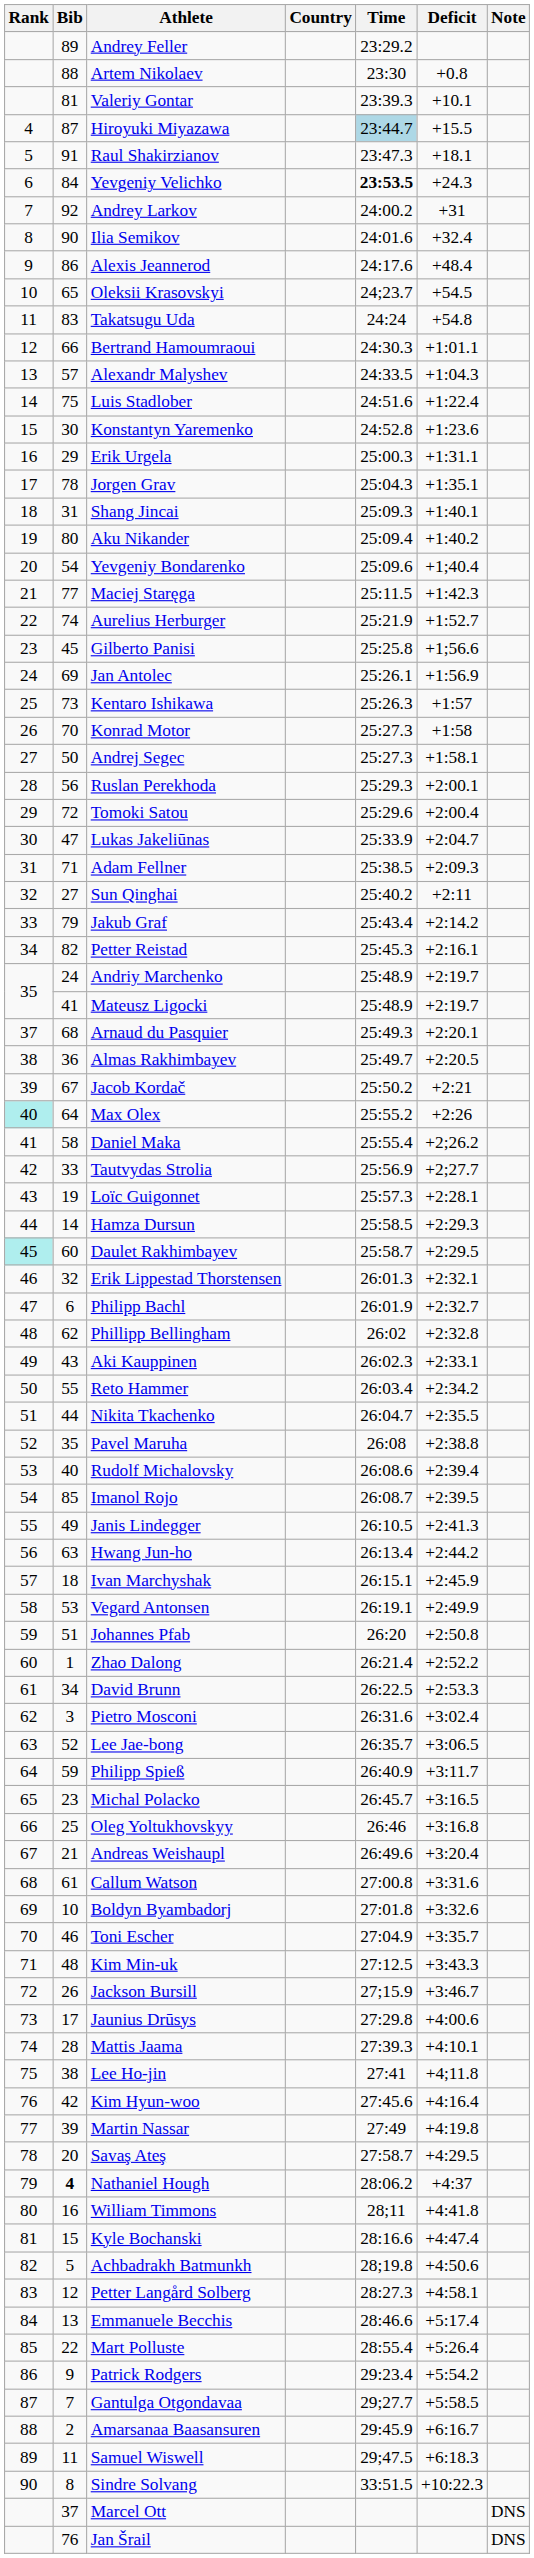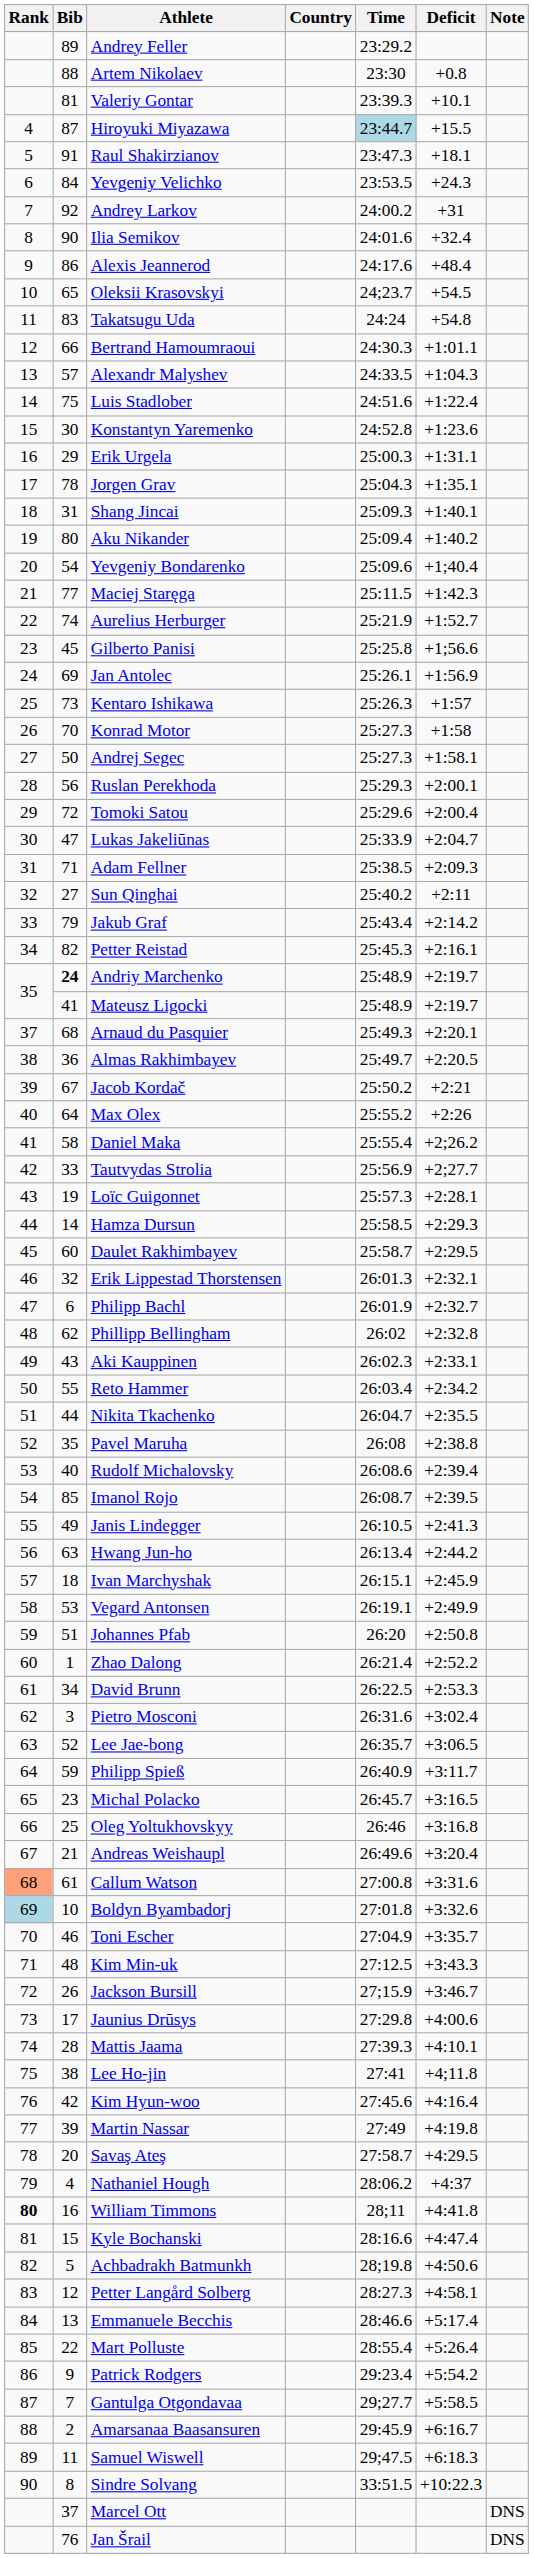 <table class="wikitable sortable" style="text-align:center">
 <tr>
 <th>Rank</th>
 <th>Bib</th>
 <th>Athlete</th>
 <th>Country</th>
 <th>Time</th>
 <th>Deficit</th>
 <th>Note</th>
 </tr>
 <tr>
 <td></td>
 <td>89</td>
 <td align=left><a href='#'>Andrey Feller</a></td>
 <td align=left></td>
 <td>23:29.2</td>
 <td></td>
 <td></td>
 </tr>
 <tr>
 <td></td>
 <td>88</td>
 <td align=left><a href='#'>Artem Nikolaev</a></td>
 <td align=left></td>
 <td>23:30</td>
 <td>+0.8</td>
 <td></td>
 </tr>
 <tr>
 <td></td>
 <td>81</td>
 <td align=left><a href='#'>Valeriy Gontar</a></td>
 <td align=left></td>
 <td>23:39.3</td>
 <td>+10.1</td>
 <td></td>
 </tr>
 <tr>
 <td>4</td>
 <td>87</td>
 <td align=left><a href='#'>Hiroyuki Miyazawa</a></td>
 <td align=left></td>
 <td style="background: lightblue;">23:44.7</td>
 <td>+15.5</td>
 <td></td>
 </tr>
 <tr>
 <td>5</td>
 <td>91</td>
 <td align=left><a href='#'>Raul Shakirzianov</a></td>
 <td align=left></td>
 <td>23:47.3</td>
 <td>+18.1</td>
 <td></td>
 </tr>
 <tr>
 <td>6</td>
 <td>84</td>
 <td align=left><a href='#'>Yevgeniy Velichko</a></td>
 <td align=left></td>
-<td><strong>23:53.5</strong></td>
+<td>23:53.5</td>
 <td>+24.3</td>
 <td></td>
 </tr>
 <tr>
 <td>7</td>
 <td>92</td>
 <td align=left><a href='#'>Andrey Larkov</a></td>
 <td align=left></td>
 <td>24:00.2</td>
 <td>+31</td>
 <td></td>
 </tr>
 <tr>
 <td>8</td>
 <td>90</td>
 <td align=left><a href='#'>Ilia Semikov</a></td>
 <td align=left></td>
 <td>24:01.6</td>
 <td>+32.4</td>
 <td></td>
 </tr>
 <tr>
 <td>9</td>
 <td>86</td>
 <td align=left><a href='#'>Alexis Jeannerod</a></td>
 <td align=left></td>
 <td>24:17.6</td>
 <td>+48.4</td>
 <td></td>
 </tr>
 <tr>
 <td>10</td>
 <td>65</td>
 <td align=left><a href='#'>Oleksii Krasovskyi</a></td>
 <td align=left></td>
 <td>24;23.7</td>
 <td>+54.5</td>
 <td></td>
 </tr>
 <tr>
 <td>11</td>
 <td>83</td>
 <td align=left><a href='#'>Takatsugu Uda</a></td>
 <td align=left></td>
 <td>24:24</td>
 <td>+54.8</td>
 <td></td>
 </tr>
 <tr>
 <td>12</td>
 <td>66</td>
 <td align=left><a href='#'>Bertrand Hamoumraoui</a></td>
 <td align=left></td>
 <td>24:30.3</td>
 <td>+1:01.1</td>
 <td></td>
 </tr>
 <tr>
 <td>13</td>
 <td>57</td>
 <td align=left><a href='#'>Alexandr Malyshev</a></td>
 <td align=left></td>
 <td>24:33.5</td>
 <td>+1:04.3</td>
 <td></td>
 </tr>
 <tr>
 <td>14</td>
 <td>75</td>
 <td align=left><a href='#'>Luis Stadlober</a></td>
 <td align=left></td>
 <td>24:51.6</td>
 <td>+1:22.4</td>
 <td></td>
 </tr>
 <tr>
 <td>15</td>
 <td>30</td>
 <td align=left><a href='#'>Konstantyn Yaremenko</a></td>
 <td align=left></td>
 <td>24:52.8</td>
 <td>+1:23.6</td>
 <td></td>
 </tr>
 <tr>
 <td>16</td>
 <td>29</td>
 <td align=left><a href='#'>Erik Urgela</a></td>
 <td align=left></td>
 <td>25:00.3</td>
 <td>+1:31.1</td>
 <td></td>
 </tr>
 <tr>
 <td>17</td>
 <td>78</td>
 <td align=left><a href='#'>Jorgen Grav</a></td>
 <td align=left></td>
 <td>25:04.3</td>
 <td>+1:35.1</td>
 <td></td>
 </tr>
 <tr>
 <td>18</td>
 <td>31</td>
 <td align=left><a href='#'>Shang Jincai</a></td>
 <td align=left></td>
 <td>25:09.3</td>
 <td>+1:40.1</td>
 <td></td>
 </tr>
 <tr>
 <td>19</td>
 <td>80</td>
 <td align=left><a href='#'>Aku Nikander</a></td>
 <td align=left></td>
 <td>25:09.4</td>
 <td>+1:40.2</td>
 <td></td>
 </tr>
 <tr>
 <td>20</td>
 <td>54</td>
 <td align=left><a href='#'>Yevgeniy Bondarenko</a></td>
 <td align=left></td>
 <td>25:09.6</td>
 <td>+1;40.4</td>
 <td></td>
 </tr>
 <tr>
 <td>21</td>
 <td>77</td>
 <td align=left><a href='#'>Maciej Staręga</a></td>
 <td align=left></td>
 <td>25:11.5</td>
 <td>+1:42.3</td>
 <td></td>
 </tr>
 <tr>
 <td>22</td>
 <td>74</td>
 <td align=left><a href='#'>Aurelius Herburger</a></td>
 <td align=left></td>
 <td>25:21.9</td>
 <td>+1:52.7</td>
 <td></td>
 </tr>
 <tr>
 <td>23</td>
 <td>45</td>
 <td align=left><a href='#'>Gilberto Panisi</a></td>
 <td align=left></td>
 <td>25:25.8</td>
 <td>+1;56.6</td>
 <td></td>
 </tr>
 <tr>
 <td>24</td>
 <td>69</td>
 <td align=left><a href='#'>Jan Antolec</a></td>
 <td align=left></td>
 <td>25:26.1</td>
 <td>+1:56.9</td>
 <td></td>
 </tr>
 <tr>
 <td>25</td>
 <td>73</td>
 <td align=left><a href='#'>Kentaro Ishikawa</a></td>
 <td align=left></td>
 <td>25:26.3</td>
 <td>+1:57</td>
 <td></td>
 </tr>
 <tr>
 <td>26</td>
 <td>70</td>
 <td align=left><a href='#'>Konrad Motor</a></td>
 <td align=left></td>
 <td>25:27.3</td>
 <td>+1:58</td>
 <td></td>
 </tr>
 <tr>
 <td>27</td>
 <td>50</td>
 <td align=left><a href='#'>Andrej Segec</a></td>
 <td align=left></td>
 <td>25:27.3</td>
 <td>+1:58.1</td>
 <td></td>
 </tr>
 <tr>
 <td>28</td>
 <td>56</td>
 <td align=left><a href='#'>Ruslan Perekhoda</a></td>
 <td align=left></td>
 <td>25:29.3</td>
 <td>+2:00.1</td>
 <td></td>
 </tr>
 <tr>
 <td>29</td>
 <td>72</td>
 <td align=left><a href='#'>Tomoki Satou</a></td>
 <td align=left></td>
 <td>25:29.6</td>
 <td>+2:00.4</td>
 <td></td>
 </tr>
 <tr>
 <td>30</td>
 <td>47</td>
 <td align=left><a href='#'>Lukas Jakeliūnas</a></td>
 <td align=left></td>
 <td>25:33.9</td>
 <td>+2:04.7</td>
 <td></td>
 </tr>
 <tr>
 <td>31</td>
 <td>71</td>
 <td align=left><a href='#'>Adam Fellner</a></td>
 <td align=left></td>
 <td>25:38.5</td>
 <td>+2:09.3</td>
 <td></td>
 </tr>
 <tr>
 <td>32</td>
 <td>27</td>
 <td align=left><a href='#'>Sun Qinghai</a></td>
 <td align=left></td>
 <td>25:40.2</td>
 <td>+2:11</td>
 <td></td>
 </tr>
 <tr>
 <td>33</td>
 <td>79</td>
 <td align=left><a href='#'>Jakub Graf</a></td>
 <td align=left></td>
 <td>25:43.4</td>
 <td>+2:14.2</td>
 <td></td>
 </tr>
 <tr>
 <td>34</td>
 <td>82</td>
 <td align=left><a href='#'>Petter Reistad</a></td>
 <td align=left></td>
 <td>25:45.3</td>
 <td>+2:16.1</td>
 <td></td>
 </tr>
 <tr>
 <td rowspan=2>35</td>
-<td>24</td>
+<td><strong>24</strong></td>
 <td align=left><a href='#'>Andriy Marchenko</a></td>
 <td align=left></td>
 <td>25:48.9</td>
 <td>+2:19.7</td>
 <td></td>
 </tr>
 <tr>
 <td>41</td>
 <td align=left><a href='#'>Mateusz Ligocki</a></td>
 <td align=left></td>
 <td>25:48.9</td>
 <td>+2:19.7</td>
 <td></td>
 </tr>
 <tr>
 <td>37</td>
 <td>68</td>
 <td align=left><a href='#'>Arnaud du Pasquier</a></td>
 <td align=left></td>
 <td>25:49.3</td>
 <td>+2:20.1</td>
 <td></td>
 </tr>
 <tr>
 <td>38</td>
 <td>36</td>
 <td align=left><a href='#'>Almas Rakhimbayev</a></td>
 <td align=left></td>
 <td>25:49.7</td>
 <td>+2:20.5</td>
 <td></td>
 </tr>
 <tr>
 <td>39</td>
 <td>67</td>
 <td align=left><a href='#'>Jacob Kordač</a></td>
 <td align=left></td>
 <td>25:50.2</td>
 <td>+2:21</td>
 <td></td>
 </tr>
 <tr>
-<td style="background: paleturquoise;">40</td>
+<td>40</td>
 <td>64</td>
 <td align=left><a href='#'>Max Olex</a></td>
 <td align=left></td>
 <td>25:55.2</td>
 <td>+2:26</td>
 <td></td>
 </tr>
 <tr>
 <td>41</td>
 <td>58</td>
 <td align=left><a href='#'>Daniel Maka</a></td>
 <td align=left></td>
 <td>25:55.4</td>
 <td>+2;26.2</td>
 <td></td>
 </tr>
 <tr>
 <td>42</td>
 <td>33</td>
 <td align=left><a href='#'>Tautvydas Strolia</a></td>
 <td align=left></td>
 <td>25:56.9</td>
 <td>+2;27.7</td>
 <td></td>
 </tr>
 <tr>
 <td>43</td>
 <td>19</td>
 <td align=left><a href='#'>Loïc Guigonnet</a></td>
 <td align=left></td>
 <td>25:57.3</td>
 <td>+2:28.1</td>
 <td></td>
 </tr>
 <tr>
 <td>44</td>
 <td>14</td>
 <td align=left><a href='#'>Hamza Dursun</a></td>
 <td align=left></td>
 <td>25:58.5</td>
 <td>+2:29.3</td>
 <td></td>
 </tr>
 <tr>
-<td style="background: paleturquoise;">45</td>
+<td>45</td>
 <td>60</td>
 <td align=left><a href='#'>Daulet Rakhimbayev</a></td>
 <td align=left></td>
 <td>25:58.7</td>
 <td>+2:29.5</td>
 <td></td>
 </tr>
 <tr>
 <td>46</td>
 <td>32</td>
 <td align=left><a href='#'>Erik Lippestad Thorstensen</a></td>
 <td align=left></td>
 <td>26:01.3</td>
 <td>+2:32.1</td>
 <td></td>
 </tr>
 <tr>
 <td>47</td>
 <td>6</td>
 <td align=left><a href='#'>Philipp Bachl</a></td>
 <td align=left></td>
 <td>26:01.9</td>
 <td>+2:32.7</td>
 <td></td>
 </tr>
 <tr>
 <td>48</td>
 <td>62</td>
 <td align=left><a href='#'>Phillipp Bellingham</a></td>
 <td align=left></td>
 <td>26:02</td>
 <td>+2:32.8</td>
 <td></td>
 </tr>
 <tr>
 <td>49</td>
 <td>43</td>
 <td align=left><a href='#'>Aki Kauppinen</a></td>
 <td align=left></td>
 <td>26:02.3</td>
 <td>+2:33.1</td>
 <td></td>
 </tr>
 <tr>
 <td>50</td>
 <td>55</td>
 <td align=left><a href='#'>Reto Hammer</a></td>
 <td align=left></td>
 <td>26:03.4</td>
 <td>+2:34.2</td>
 <td></td>
 </tr>
 <tr>
 <td>51</td>
 <td>44</td>
 <td align=left><a href='#'>Nikita Tkachenko</a></td>
 <td align=left></td>
 <td>26:04.7</td>
 <td>+2:35.5</td>
 <td></td>
 </tr>
 <tr>
 <td>52</td>
 <td>35</td>
 <td align=left><a href='#'>Pavel Maruha</a></td>
 <td align=left></td>
 <td>26:08</td>
 <td>+2:38.8</td>
 <td></td>
 </tr>
 <tr>
 <td>53</td>
 <td>40</td>
 <td align=left><a href='#'>Rudolf Michalovsky</a></td>
 <td align=left></td>
 <td>26:08.6</td>
 <td>+2:39.4</td>
 <td></td>
 </tr>
 <tr>
 <td>54</td>
 <td>85</td>
 <td align=left><a href='#'>Imanol Rojo</a></td>
 <td align=left></td>
 <td>26:08.7</td>
 <td>+2:39.5</td>
 <td></td>
 </tr>
 <tr>
 <td>55</td>
 <td>49</td>
 <td align=left><a href='#'>Janis Lindegger</a></td>
 <td align=left></td>
 <td>26:10.5</td>
 <td>+2:41.3</td>
 <td></td>
 </tr>
 <tr>
 <td>56</td>
 <td>63</td>
 <td align=left><a href='#'>Hwang Jun-ho</a></td>
 <td align=left></td>
 <td>26:13.4</td>
 <td>+2:44.2</td>
 <td></td>
 </tr>
 <tr>
 <td>57</td>
 <td>18</td>
 <td align=left><a href='#'>Ivan Marchyshak</a></td>
 <td align=left></td>
 <td>26:15.1</td>
 <td>+2:45.9</td>
 <td></td>
 </tr>
 <tr>
 <td>58</td>
 <td>53</td>
 <td align=left><a href='#'>Vegard Antonsen</a></td>
 <td align=left></td>
 <td>26:19.1</td>
 <td>+2:49.9</td>
 <td></td>
 </tr>
 <tr>
 <td>59</td>
 <td>51</td>
 <td align=left><a href='#'>Johannes Pfab</a></td>
 <td align=left></td>
 <td>26:20</td>
 <td>+2:50.8</td>
 <td></td>
 </tr>
 <tr>
 <td>60</td>
 <td>1</td>
 <td align=left><a href='#'>Zhao Dalong</a></td>
 <td align=left></td>
 <td>26:21.4</td>
 <td>+2:52.2</td>
 <td></td>
 </tr>
 <tr>
 <td>61</td>
 <td>34</td>
 <td align=left><a href='#'>David Brunn</a></td>
 <td align=left></td>
 <td>26:22.5</td>
 <td>+2:53.3</td>
 <td></td>
 </tr>
 <tr>
 <td>62</td>
 <td>3</td>
 <td align=left><a href='#'>Pietro Mosconi</a></td>
 <td align=left></td>
 <td>26:31.6</td>
 <td>+3:02.4</td>
 <td></td>
 </tr>
 <tr>
 <td>63</td>
 <td>52</td>
 <td align=left><a href='#'>Lee Jae-bong</a></td>
 <td align=left></td>
 <td>26:35.7</td>
 <td>+3:06.5</td>
 <td></td>
 </tr>
 <tr>
 <td>64</td>
 <td>59</td>
 <td align=left><a href='#'>Philipp Spieß</a></td>
 <td align=left></td>
 <td>26:40.9</td>
 <td>+3:11.7</td>
 <td></td>
 </tr>
 <tr>
 <td>65</td>
 <td>23</td>
 <td align=left><a href='#'>Michal Polacko</a></td>
 <td align=left></td>
 <td>26:45.7</td>
 <td>+3:16.5</td>
 <td></td>
 </tr>
 <tr>
 <td>66</td>
 <td>25</td>
 <td align=left><a href='#'>Oleg Yoltukhovskyy</a></td>
 <td align=left></td>
 <td>26:46</td>
 <td>+3:16.8</td>
 <td></td>
 </tr>
 <tr>
 <td>67</td>
 <td>21</td>
 <td align=left><a href='#'>Andreas Weishaupl</a></td>
 <td align=left></td>
 <td>26:49.6</td>
 <td>+3:20.4</td>
 <td></td>
 </tr>
 <tr>
-<td>68</td>
+<td style="background: lightsalmon;">68</td>
 <td>61</td>
 <td align=left><a href='#'>Callum Watson</a></td>
 <td align=left></td>
 <td>27:00.8</td>
 <td>+3:31.6</td>
 <td></td>
 </tr>
 <tr>
-<td>69</td>
+<td style="background: lightblue;">69</td>
 <td>10</td>
 <td align=left><a href='#'>Boldyn Byambadorj</a></td>
 <td align=left></td>
 <td>27:01.8</td>
 <td>+3:32.6</td>
 <td></td>
 </tr>
 <tr>
 <td>70</td>
 <td>46</td>
 <td align=left><a href='#'>Toni Escher</a></td>
 <td align=left></td>
 <td>27:04.9</td>
 <td>+3:35.7</td>
 <td></td>
 </tr>
 <tr>
 <td>71</td>
 <td>48</td>
 <td align=left><a href='#'>Kim Min-uk</a></td>
 <td align=left></td>
 <td>27:12.5</td>
 <td>+3:43.3</td>
 <td></td>
 </tr>
 <tr>
 <td>72</td>
 <td>26</td>
 <td align=left><a href='#'>Jackson Bursill</a></td>
 <td align=left></td>
 <td>27;15.9</td>
 <td>+3:46.7</td>
 <td></td>
 </tr>
 <tr>
 <td>73</td>
 <td>17</td>
 <td align=left><a href='#'>Jaunius Drūsys</a></td>
 <td align=left></td>
 <td>27:29.8</td>
 <td>+4:00.6</td>
 <td></td>
 </tr>
 <tr>
 <td>74</td>
 <td>28</td>
 <td align=left><a href='#'>Mattis Jaama</a></td>
 <td align=left></td>
 <td>27:39.3</td>
 <td>+4:10.1</td>
 <td></td>
 </tr>
 <tr>
 <td>75</td>
 <td>38</td>
 <td align=left><a href='#'>Lee Ho-jin</a></td>
 <td align=left></td>
 <td>27:41</td>
 <td>+4;11.8</td>
 <td></td>
 </tr>
 <tr>
 <td>76</td>
 <td>42</td>
 <td align=left><a href='#'>Kim Hyun-woo</a></td>
 <td align=left></td>
 <td>27:45.6</td>
 <td>+4:16.4</td>
 <td></td>
 </tr>
 <tr>
 <td>77</td>
 <td>39</td>
 <td align=left><a href='#'>Martin Nassar</a></td>
 <td align=left></td>
 <td>27:49</td>
 <td>+4:19.8</td>
 <td></td>
 </tr>
 <tr>
 <td>78</td>
 <td>20</td>
 <td align=left><a href='#'>Savaş Ateş</a></td>
 <td align=left></td>
 <td>27:58.7</td>
 <td>+4:29.5</td>
 <td></td>
 </tr>
 <tr>
 <td>79</td>
-<td><strong>4</strong></td>
+<td>4</td>
 <td align=left><a href='#'>Nathaniel Hough</a></td>
 <td align=left></td>
 <td>28:06.2</td>
 <td>+4:37</td>
 <td></td>
 </tr>
 <tr>
-<td>80</td>
+<td><strong>80</strong></td>
 <td>16</td>
 <td align=left><a href='#'>William Timmons</a></td>
 <td align=left></td>
 <td>28;11</td>
 <td>+4:41.8</td>
 <td></td>
 </tr>
 <tr>
 <td>81</td>
 <td>15</td>
 <td align=left><a href='#'>Kyle Bochanski</a></td>
 <td align=left></td>
 <td>28:16.6</td>
 <td>+4:47.4</td>
 <td></td>
 </tr>
 <tr>
 <td>82</td>
 <td>5</td>
 <td align=left><a href='#'>Achbadrakh Batmunkh</a></td>
 <td align=left></td>
 <td>28;19.8</td>
 <td>+4:50.6</td>
 <td></td>
 </tr>
 <tr>
 <td>83</td>
 <td>12</td>
 <td align=left><a href='#'>Petter Langård Solberg</a></td>
 <td align=left></td>
 <td>28:27.3</td>
 <td>+4:58.1</td>
 <td></td>
 </tr>
 <tr>
 <td>84</td>
 <td>13</td>
 <td align=left><a href='#'>Emmanuele Becchis</a></td>
 <td align=left></td>
 <td>28:46.6</td>
 <td>+5:17.4</td>
 <td></td>
 </tr>
 <tr>
 <td>85</td>
 <td>22</td>
 <td align=left><a href='#'>Mart Polluste</a></td>
 <td align=left></td>
 <td>28:55.4</td>
 <td>+5:26.4</td>
 <td></td>
 </tr>
 <tr>
 <td>86</td>
 <td>9</td>
 <td align=left><a href='#'>Patrick Rodgers</a></td>
 <td align=left></td>
 <td>29:23.4</td>
 <td>+5:54.2</td>
 <td></td>
 </tr>
 <tr>
 <td>87</td>
 <td>7</td>
 <td align=left><a href='#'>Gantulga Otgondavaa</a></td>
 <td align=left></td>
 <td>29;27.7</td>
 <td>+5:58.5</td>
 <td></td>
 </tr>
 <tr>
 <td>88</td>
 <td>2</td>
 <td align=left><a href='#'>Amarsanaa Baasansuren</a></td>
 <td align=left></td>
 <td>29:45.9</td>
 <td>+6:16.7</td>
 <td></td>
 </tr>
 <tr>
 <td>89</td>
 <td>11</td>
 <td align=left><a href='#'>Samuel Wiswell</a></td>
 <td align=left></td>
 <td>29;47.5</td>
 <td>+6:18.3</td>
 <td></td>
 </tr>
 <tr>
 <td>90</td>
 <td>8</td>
 <td align=left><a href='#'>Sindre Solvang</a></td>
 <td align=left></td>
 <td>33:51.5</td>
 <td>+10:22.3</td>
 <td></td>
 </tr>
 <tr>
 <td></td>
 <td>37</td>
 <td align=left><a href='#'>Marcel Ott</a></td>
 <td align=left></td>
 <td></td>
 <td></td>
 <td>DNS</td>
 </tr>
 <tr>
 <td></td>
 <td>76</td>
 <td align=left><a href='#'>Jan Šrail</a></td>
 <td align=left></td>
 <td></td>
 <td></td>
 <td>DNS</td>
 </tr>
 </table>
